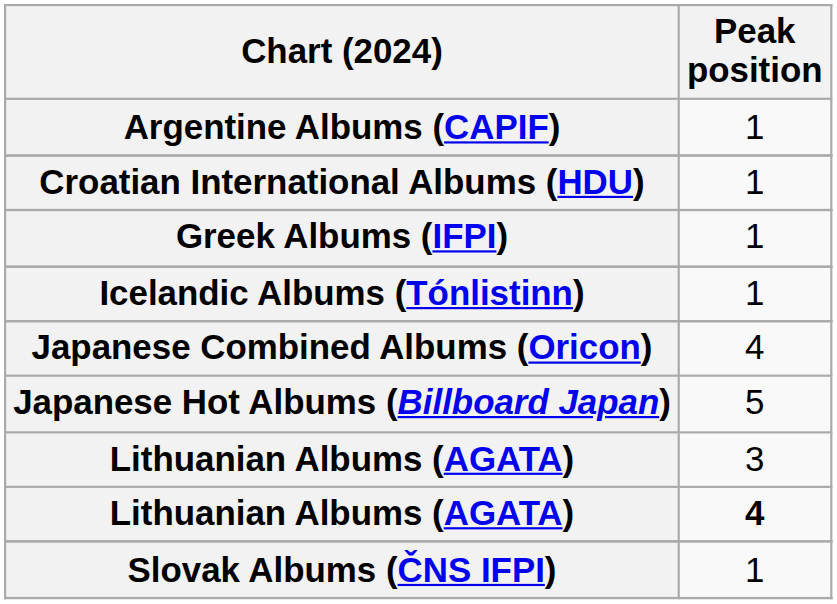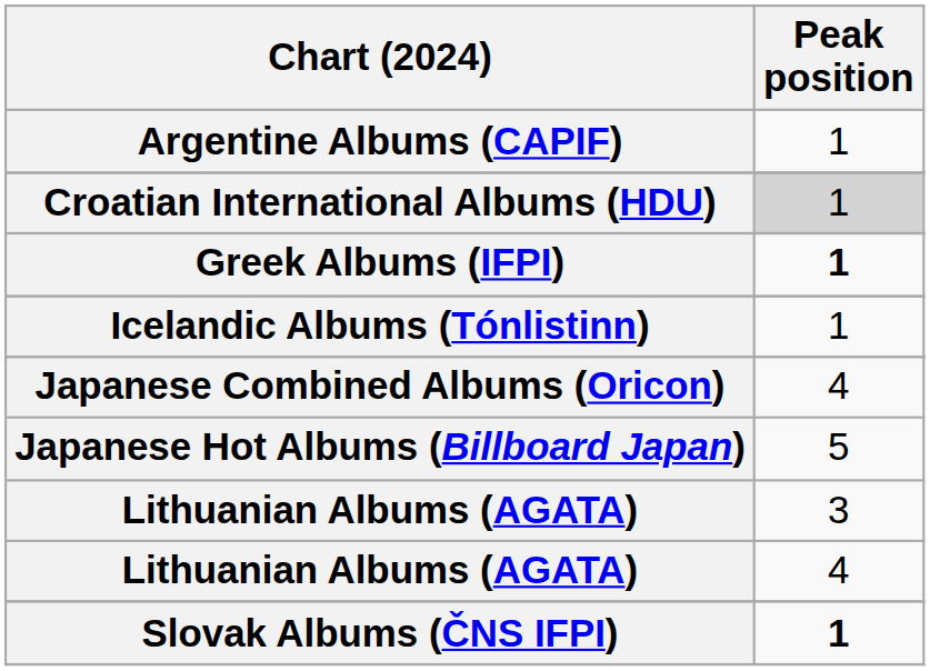 <table class="wikitable sortable plainrowheaders" style="text-align:center">
 <tr>
 <th scope="col">Chart (2024)</th>
 <th scope="col">Peak<br>position</th>
 </tr>
 <tr>
 <th scope="row">Argentine Albums (<a href='#'>CAPIF</a>)</th>
 <td>1</td>
 </tr>
 <tr>
 </tr>
 <tr>
 </tr>
 <tr>
 </tr>
 <tr>
 </tr>
 <tr>
 </tr>
 <tr>
 <th scope="row">Croatian International Albums (<a href='#'>HDU</a>)</th>
-<td>1</td>
+<td style="background: lightgrey;">1</td>
 </tr>
 <tr>
 </tr>
 <tr>
 </tr>
 <tr>
 </tr>
 <tr>
 </tr>
 <tr>
 </tr>
 <tr>
 </tr>
 <tr>
 <th scope="row">Greek Albums (<a href='#'>IFPI</a>)</th>
-<td>1</td>
+<td><strong>1</strong></td>
 </tr>
 <tr>
 </tr>
 <tr>
 <th scope="row">Icelandic Albums (<a href='#'>Tónlistinn</a>)</th>
 <td>1</td>
 </tr>
 <tr>
 </tr>
 <tr>
 </tr>
 <tr>
 <th scope="row">Japanese Combined Albums (<a href='#'>Oricon</a>)</th>
 <td>4</td>
 </tr>
 <tr>
 <th scope="row">Japanese Hot Albums (<em><a href='#'>Billboard Japan</a></em>)</th>
 <td>5</td>
 </tr>
 <tr>
 <th scope="row">Lithuanian Albums (<a href='#'>AGATA</a>)</th>
 <td>3</td>
 </tr>
 <tr>
 <th scope="row">Lithuanian Albums (<a href='#'>AGATA</a>)</th>
-<td><strong>4</strong></td>
+<td>4</td>
 </tr>
 <tr>
 </tr>
 <tr>
 </tr>
 <tr>
 </tr>
 <tr>
 </tr>
 <tr>
 </tr>
 <tr>
 <th scope="row">Slovak Albums (<a href='#'>ČNS IFPI</a>)</th>
-<td>1</td>
+<td><strong>1</strong></td>
 </tr>
 <tr>
 </tr>
 <tr>
 </tr>
 <tr>
 </tr>
 <tr>
 </tr>
 <tr>
 </tr>
 </table>
